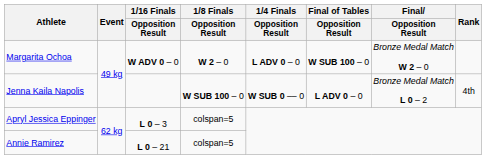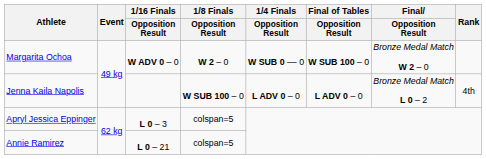 <table class=wikitable style="text-align:center; font-size:90%">
 <tr>
 <th rowspan="2">Athlete</th>
 <th rowspan="2">Event</th>
 <th>1/16 Finals</th>
 <th>1/8 Finals</th>
 <th>1/4 Finals</th>
 <th>Final of Tables</th>
 <th>Final/</th>
 <th rowspan=2>Rank</th>
 </tr>
 <tr style="font-size:95%">
 <th>Opposition<br>Result</th>
 <th>Opposition<br>Result</th>
 <th>Opposition<br>Result</th>
 <th>Opposition<br>Result</th>
 <th>Opposition<br>Result</th>
 </tr>
 <tr>
 <td align=left><a href='#'>Margarita Ochoa</a></td>
 <td rowspan=2><a href='#'>49 kg</a></td>
 <td style="text-align:center;"> <br> <strong>W ADV</strong> <strong>0</strong> – 0</td>
 <td style="text-align:center;"> <br> <strong>W</strong> <strong>2</strong> – 0</td>
-<td style="text-align:center;"> <br> <strong>L ADV</strong> <strong>0</strong> – 0</td>
+<td style="text-align:center;"> <br> <strong>W SUB</strong> <strong>0</strong> –– 0</td>
 <td style="text-align:center;"> <br> <strong>W SUB</strong> <strong>100</strong> – 0</td>
 <td style="text-align:center;"><em>Bronze Medal Match</em><br>  <br> <strong>W</strong> <strong>2</strong> – 0</td>
 <td style="text-align:center;"></td>
 </tr>
 <tr>
 <td align=left><a href='#'>Jenna Kaila Napolis</a></td>
 <td></td>
 <td style="text-align:center;"> <br> <strong>W SUB</strong> <strong>100</strong> – 0</td>
-<td style="text-align:center;"> <br> <strong>W SUB</strong> <strong>0</strong> –– 0</td>
+<td style="text-align:center;"> <br> <strong>L ADV</strong> <strong>0</strong> – 0</td>
 <td style="text-align:center;"> <br> <strong>L ADV</strong> <strong>0</strong> – 0</td>
 <td style="text-align:center;"><em>Bronze Medal Match</em><br>  <br> <strong>L</strong> <strong>0</strong> – 2</td>
 <td style="text-align:center;">4th</td>
 </tr>
 <tr>
 <td align=left><a href='#'>Apryl Jessica Eppinger</a></td>
 <td rowspan=2><a href='#'>62 kg</a></td>
 <td style="text-align:center;"> <br> <strong>L</strong> <strong>0</strong> – 3</td>
 <td>colspan=5 </td>
 </tr>
 <tr>
 <td align=left><a href='#'>Annie Ramirez</a></td>
 <td style="text-align:center;"> <br> <strong>L</strong> <strong>0</strong> – 21</td>
 <td>colspan=5 </td>
 </tr>
 </table>
